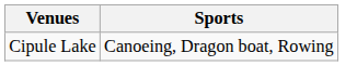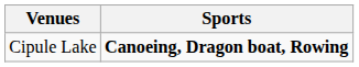 <table class="wikitable">
 <tr>
 <th>Venues</th>
 <th>Sports</th>
 </tr>
 <tr>
 <td>Cipule Lake</td>
-<td>Canoeing, Dragon boat, Rowing</td>
+<td><strong>Canoeing, Dragon boat, Rowing</strong></td>
 </tr>
 </table>
